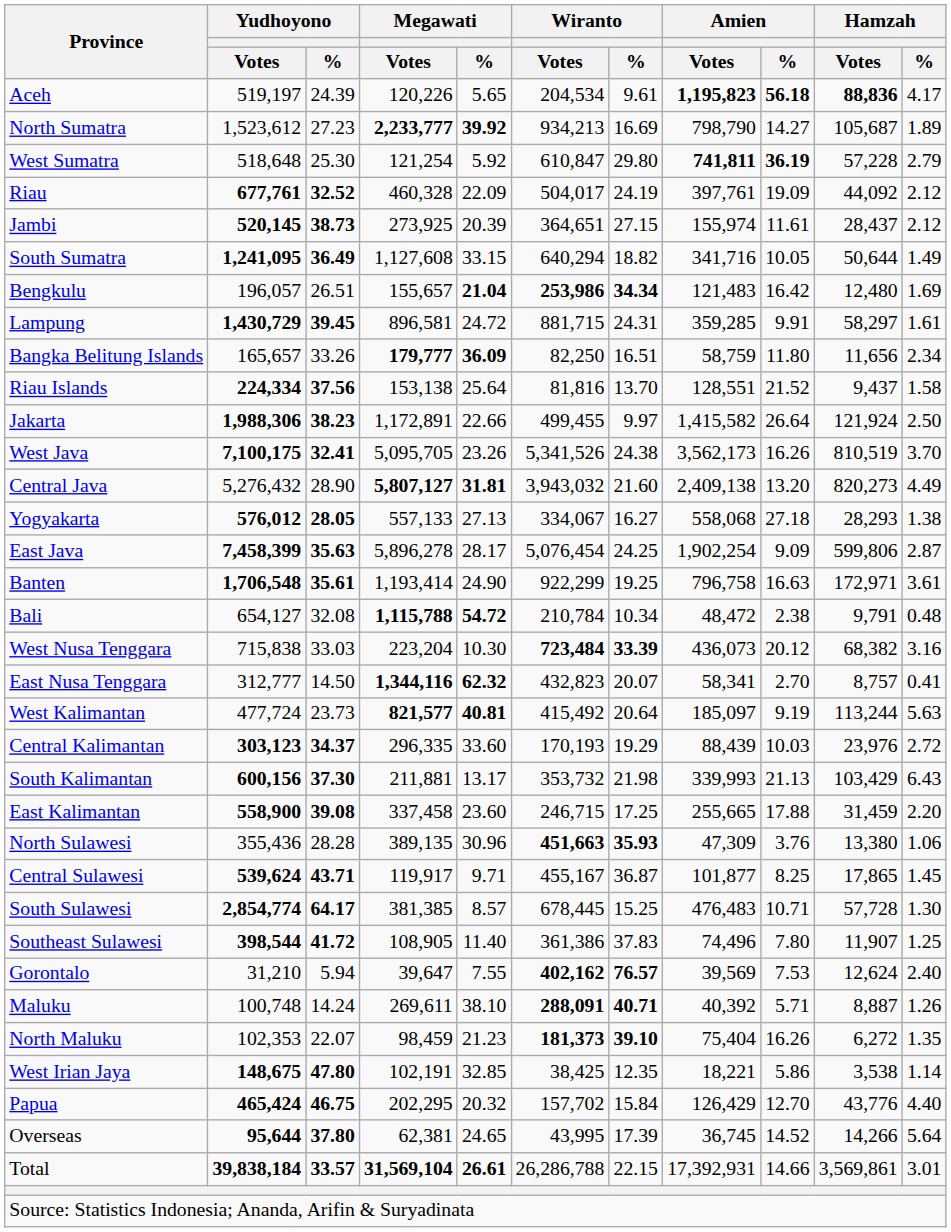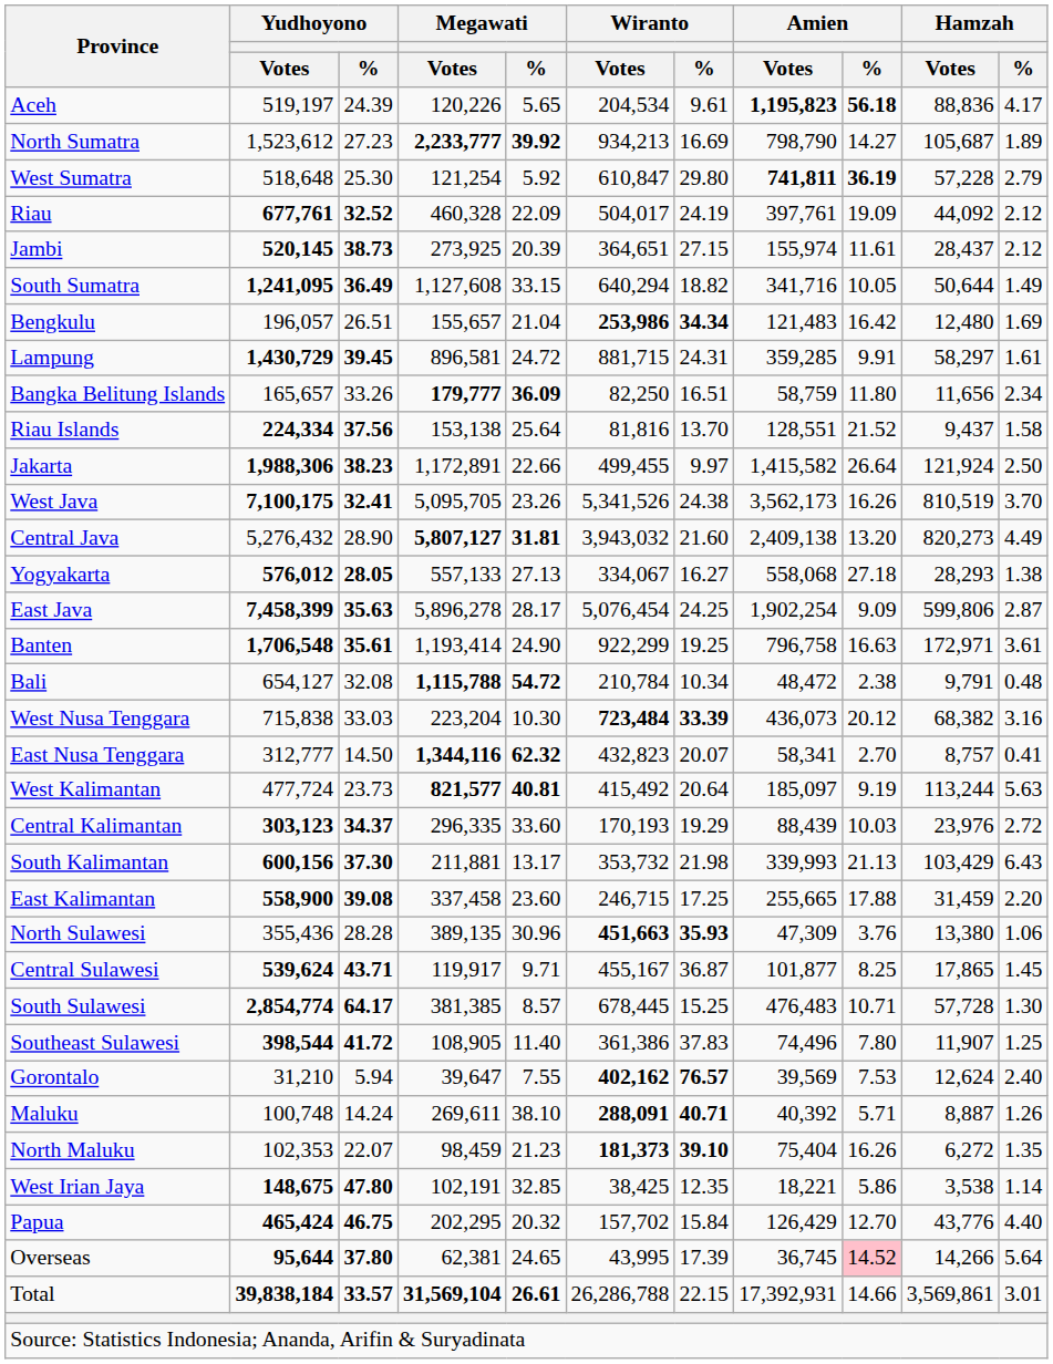 <table class="wikitable" style="text-align:right; font-size: 0.9em;">
 <tr>
 <th rowspan="3">Province</th>
 <th colspan="2">Yudhoyono</th>
 <th colspan="2">Megawati</th>
 <th colspan="2">Wiranto</th>
 <th colspan="2">Amien</th>
 <th colspan="2">Hamzah</th>
 </tr>
 <tr>
 <th colspan="2" style="background:"></th>
 <th colspan="2" style="background:"></th>
 <th colspan="2" style="background:"></th>
 <th colspan="2" style="background:"></th>
 <th colspan="2" style="background:"></th>
 </tr>
 <tr>
 <th>Votes</th>
 <th>%</th>
 <th>Votes</th>
 <th>%</th>
 <th>Votes</th>
 <th>%</th>
 <th>Votes</th>
 <th>%</th>
 <th>Votes</th>
 <th>%</th>
 </tr>
 <tr>
 <td align=left><a href='#'>Aceh</a></td>
 <td>519,197</td>
 <td>24.39</td>
 <td>120,226</td>
 <td>5.65</td>
 <td>204,534</td>
 <td>9.61</td>
 <td><strong>1,195,823</strong></td>
 <td><strong>56.18</strong></td>
-<td><strong>88,836</strong></td>
+<td>88,836</td>
 <td>4.17</td>
 </tr>
 <tr>
 <td align=left><a href='#'>North Sumatra</a></td>
 <td>1,523,612</td>
 <td>27.23</td>
 <td><strong>2,233,777</strong></td>
 <td><strong>39.92</strong></td>
 <td>934,213</td>
 <td>16.69</td>
 <td>798,790</td>
 <td>14.27</td>
 <td>105,687</td>
 <td>1.89</td>
 </tr>
 <tr>
 <td align=left><a href='#'>West Sumatra</a></td>
 <td>518,648</td>
 <td>25.30</td>
 <td>121,254</td>
 <td>5.92</td>
 <td>610,847</td>
 <td>29.80</td>
 <td><strong>741,811</strong></td>
 <td><strong>36.19</strong></td>
 <td>57,228</td>
 <td>2.79</td>
 </tr>
 <tr>
 <td align=left><a href='#'>Riau</a></td>
 <td><strong>677,761</strong></td>
 <td><strong>32.52</strong></td>
 <td>460,328</td>
 <td>22.09</td>
 <td>504,017</td>
 <td>24.19</td>
 <td>397,761</td>
 <td>19.09</td>
 <td>44,092</td>
 <td>2.12</td>
 </tr>
 <tr>
 <td align=left><a href='#'>Jambi</a></td>
 <td><strong>520,145</strong></td>
 <td><strong>38.73</strong></td>
 <td>273,925</td>
 <td>20.39</td>
 <td>364,651</td>
 <td>27.15</td>
 <td>155,974</td>
 <td>11.61</td>
 <td>28,437</td>
 <td>2.12</td>
 </tr>
 <tr>
 <td align=left><a href='#'>South Sumatra</a></td>
 <td><strong>1,241,095</strong></td>
 <td><strong>36.49</strong></td>
 <td>1,127,608</td>
 <td>33.15</td>
 <td>640,294</td>
 <td>18.82</td>
 <td>341,716</td>
 <td>10.05</td>
 <td>50,644</td>
 <td>1.49</td>
 </tr>
 <tr>
 <td align=left><a href='#'>Bengkulu</a></td>
 <td>196,057</td>
 <td>26.51</td>
 <td>155,657</td>
-<td><strong>21.04</strong></td>
+<td>21.04</td>
 <td><strong>253,986</strong></td>
 <td><strong>34.34</strong></td>
 <td>121,483</td>
 <td>16.42</td>
 <td>12,480</td>
 <td>1.69</td>
 </tr>
 <tr>
 <td align=left><a href='#'>Lampung</a></td>
 <td><strong>1,430,729</strong></td>
 <td><strong>39.45</strong></td>
 <td>896,581</td>
 <td>24.72</td>
 <td>881,715</td>
 <td>24.31</td>
 <td>359,285</td>
 <td>9.91</td>
 <td>58,297</td>
 <td>1.61</td>
 </tr>
 <tr>
 <td align=left><a href='#'>Bangka Belitung Islands</a></td>
 <td>165,657</td>
 <td>33.26</td>
 <td><strong>179,777</strong></td>
 <td><strong>36.09</strong></td>
 <td>82,250</td>
 <td>16.51</td>
 <td>58,759</td>
 <td>11.80</td>
 <td>11,656</td>
 <td>2.34</td>
 </tr>
 <tr>
 <td align=left><a href='#'>Riau Islands</a></td>
 <td><strong>224,334</strong></td>
 <td><strong>37.56</strong></td>
 <td>153,138</td>
 <td>25.64</td>
 <td>81,816</td>
 <td>13.70</td>
 <td>128,551</td>
 <td>21.52</td>
 <td>9,437</td>
 <td>1.58</td>
 </tr>
 <tr>
 <td align=left><a href='#'>Jakarta</a></td>
 <td><strong>1,988,306</strong></td>
 <td><strong>38.23</strong></td>
 <td>1,172,891</td>
 <td>22.66</td>
 <td>499,455</td>
 <td>9.97</td>
 <td>1,415,582</td>
 <td>26.64</td>
 <td>121,924</td>
 <td>2.50</td>
 </tr>
 <tr>
 <td align=left><a href='#'>West Java</a></td>
 <td><strong>7,100,175</strong></td>
 <td><strong>32.41</strong></td>
 <td>5,095,705</td>
 <td>23.26</td>
 <td>5,341,526</td>
 <td>24.38</td>
 <td>3,562,173</td>
 <td>16.26</td>
 <td>810,519</td>
 <td>3.70</td>
 </tr>
 <tr>
 <td align=left><a href='#'>Central Java</a></td>
 <td>5,276,432</td>
 <td>28.90</td>
 <td><strong>5,807,127</strong></td>
 <td><strong>31.81</strong></td>
 <td>3,943,032</td>
 <td>21.60</td>
 <td>2,409,138</td>
 <td>13.20</td>
 <td>820,273</td>
 <td>4.49</td>
 </tr>
 <tr>
 <td align=left><a href='#'>Yogyakarta</a></td>
 <td><strong>576,012</strong></td>
 <td><strong>28.05</strong></td>
 <td>557,133</td>
 <td>27.13</td>
 <td>334,067</td>
 <td>16.27</td>
 <td>558,068</td>
 <td>27.18</td>
 <td>28,293</td>
 <td>1.38</td>
 </tr>
 <tr>
 <td align=left><a href='#'>East Java</a></td>
 <td><strong>7,458,399</strong></td>
 <td><strong>35.63</strong></td>
 <td>5,896,278</td>
 <td>28.17</td>
 <td>5,076,454</td>
 <td>24.25</td>
 <td>1,902,254</td>
 <td>9.09</td>
 <td>599,806</td>
 <td>2.87</td>
 </tr>
 <tr>
 <td align=left><a href='#'>Banten</a></td>
 <td><strong>1,706,548</strong></td>
 <td><strong>35.61</strong></td>
 <td>1,193,414</td>
 <td>24.90</td>
 <td>922,299</td>
 <td>19.25</td>
 <td>796,758</td>
 <td>16.63</td>
 <td>172,971</td>
 <td>3.61</td>
 </tr>
 <tr>
 <td align=left><a href='#'>Bali</a></td>
 <td>654,127</td>
 <td>32.08</td>
 <td><strong>1,115,788</strong></td>
 <td><strong>54.72</strong></td>
 <td>210,784</td>
 <td>10.34</td>
 <td>48,472</td>
 <td>2.38</td>
 <td>9,791</td>
 <td>0.48</td>
 </tr>
 <tr>
 <td align=left><a href='#'>West Nusa Tenggara</a></td>
 <td>715,838</td>
 <td>33.03</td>
 <td>223,204</td>
 <td>10.30</td>
 <td><strong>723,484</strong></td>
 <td><strong>33.39</strong></td>
 <td>436,073</td>
 <td>20.12</td>
 <td>68,382</td>
 <td>3.16</td>
 </tr>
 <tr>
 <td align=left><a href='#'>East Nusa Tenggara</a></td>
 <td>312,777</td>
 <td>14.50</td>
 <td><strong>1,344,116</strong></td>
 <td><strong>62.32</strong></td>
 <td>432,823</td>
 <td>20.07</td>
 <td>58,341</td>
 <td>2.70</td>
 <td>8,757</td>
 <td>0.41</td>
 </tr>
 <tr>
 <td align=left><a href='#'>West Kalimantan</a></td>
 <td>477,724</td>
 <td>23.73</td>
 <td><strong>821,577</strong></td>
 <td><strong>40.81</strong></td>
 <td>415,492</td>
 <td>20.64</td>
 <td>185,097</td>
 <td>9.19</td>
 <td>113,244</td>
 <td>5.63</td>
 </tr>
 <tr>
 <td align=left><a href='#'>Central Kalimantan</a></td>
 <td><strong>303,123</strong></td>
 <td><strong>34.37</strong></td>
 <td>296,335</td>
 <td>33.60</td>
 <td>170,193</td>
 <td>19.29</td>
 <td>88,439</td>
 <td>10.03</td>
 <td>23,976</td>
 <td>2.72</td>
 </tr>
 <tr>
 <td align=left><a href='#'>South Kalimantan</a></td>
 <td><strong>600,156</strong></td>
 <td><strong>37.30</strong></td>
 <td>211,881</td>
 <td>13.17</td>
 <td>353,732</td>
 <td>21.98</td>
 <td>339,993</td>
 <td>21.13</td>
 <td>103,429</td>
 <td>6.43</td>
 </tr>
 <tr>
 <td align=left><a href='#'>East Kalimantan</a></td>
 <td><strong>558,900</strong></td>
 <td><strong>39.08</strong></td>
 <td>337,458</td>
 <td>23.60</td>
 <td>246,715</td>
 <td>17.25</td>
 <td>255,665</td>
 <td>17.88</td>
 <td>31,459</td>
 <td>2.20</td>
 </tr>
 <tr>
 <td align=left><a href='#'>North Sulawesi</a></td>
 <td>355,436</td>
 <td>28.28</td>
 <td>389,135</td>
 <td>30.96</td>
 <td><strong>451,663</strong></td>
 <td><strong>35.93</strong></td>
 <td>47,309</td>
 <td>3.76</td>
 <td>13,380</td>
 <td>1.06</td>
 </tr>
 <tr>
 <td align=left><a href='#'>Central Sulawesi</a></td>
 <td><strong>539,624</strong></td>
 <td><strong>43.71</strong></td>
 <td>119,917</td>
 <td>9.71</td>
 <td>455,167</td>
 <td>36.87</td>
 <td>101,877</td>
 <td>8.25</td>
 <td>17,865</td>
 <td>1.45</td>
 </tr>
 <tr>
 <td align=left><a href='#'>South Sulawesi</a></td>
 <td><strong>2,854,774</strong></td>
 <td><strong>64.17</strong></td>
 <td>381,385</td>
 <td>8.57</td>
 <td>678,445</td>
 <td>15.25</td>
 <td>476,483</td>
 <td>10.71</td>
 <td>57,728</td>
 <td>1.30</td>
 </tr>
 <tr>
 <td align=left><a href='#'>Southeast Sulawesi</a></td>
 <td><strong>398,544</strong></td>
 <td><strong>41.72</strong></td>
 <td>108,905</td>
 <td>11.40</td>
 <td>361,386</td>
 <td>37.83</td>
 <td>74,496</td>
 <td>7.80</td>
 <td>11,907</td>
 <td>1.25</td>
 </tr>
 <tr>
 <td align=left><a href='#'>Gorontalo</a></td>
 <td>31,210</td>
 <td>5.94</td>
 <td>39,647</td>
 <td>7.55</td>
 <td><strong>402,162</strong></td>
 <td><strong>76.57</strong></td>
 <td>39,569</td>
 <td>7.53</td>
 <td>12,624</td>
 <td>2.40</td>
 </tr>
 <tr>
 <td align=left><a href='#'>Maluku</a></td>
 <td>100,748</td>
 <td>14.24</td>
 <td>269,611</td>
 <td>38.10</td>
 <td><strong>288,091</strong></td>
 <td><strong>40.71</strong></td>
 <td>40,392</td>
 <td>5.71</td>
 <td>8,887</td>
 <td>1.26</td>
 </tr>
 <tr>
 <td align=left><a href='#'>North Maluku</a></td>
 <td>102,353</td>
 <td>22.07</td>
 <td>98,459</td>
 <td>21.23</td>
 <td><strong>181,373</strong></td>
 <td><strong>39.10</strong></td>
 <td>75,404</td>
 <td>16.26</td>
 <td>6,272</td>
 <td>1.35</td>
 </tr>
 <tr>
 <td align=left><a href='#'>West Irian Jaya</a></td>
 <td><strong>148,675</strong></td>
 <td><strong>47.80</strong></td>
 <td>102,191</td>
 <td>32.85</td>
 <td>38,425</td>
 <td>12.35</td>
 <td>18,221</td>
 <td>5.86</td>
 <td>3,538</td>
 <td>1.14</td>
 </tr>
 <tr>
 <td align=left><a href='#'>Papua</a></td>
 <td><strong>465,424</strong></td>
 <td><strong>46.75</strong></td>
 <td>202,295</td>
 <td>20.32</td>
 <td>157,702</td>
 <td>15.84</td>
 <td>126,429</td>
 <td>12.70</td>
 <td>43,776</td>
 <td>4.40</td>
 </tr>
 <tr>
 <td align=left>Overseas</td>
 <td><strong>95,644</strong></td>
 <td><strong>37.80</strong></td>
 <td>62,381</td>
 <td>24.65</td>
 <td>43,995</td>
 <td>17.39</td>
 <td>36,745</td>
-<td>14.52</td>
+<td style="background: pink;">14.52</td>
 <td>14,266</td>
 <td>5.64</td>
 </tr>
 <tr class="sortbottom">
 <td align=left>Total</td>
 <td><strong>39,838,184</strong></td>
 <td><strong>33.57</strong></td>
 <td><strong>31,569,104</strong></td>
 <td><strong>26.61</strong></td>
 <td>26,286,788</td>
 <td>22.15</td>
 <td>17,392,931</td>
 <td>14.66</td>
 <td>3,569,861</td>
 <td>3.01</td>
 </tr>
 <tr>
 <th colspan=11></th>
 </tr>
 <tr>
 <td colspan=11 align=left>Source: Statistics Indonesia; Ananda, Arifin & Suryadinata</td>
 </tr>
 </table>
